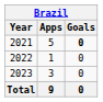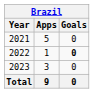 <table class="wikitable" style="text-align:center">
 <tr>
 <th colspan=3><a href='#'>Brazil</a></th>
 </tr>
 <tr>
 <th>Year</th>
 <th>Apps</th>
 <th>Goals</th>
 </tr>
 <tr>
 <td>2021</td>
 <td>5</td>
-<td><strong>0</strong></td>
+<td>0</td>
 </tr>
 <tr>
 <td>2022</td>
 <td>1</td>
-<td>0</td>
+<td><strong>0</strong></td>
 </tr>
 <tr>
 <td>2023</td>
 <td>3</td>
 <td>0</td>
 </tr>
 <tr>
 <th>Total</th>
 <th>9</th>
 <th>0</th>
 </tr>
 </table>
